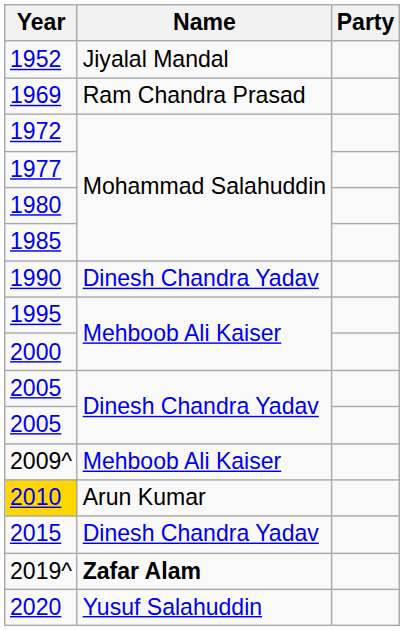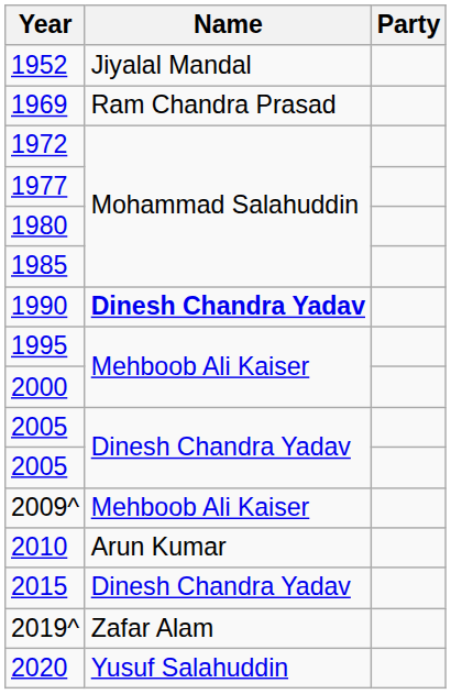 <table class="wikitable sortable">
 <tr>
 <th>Year</th>
 <th>Name</th>
 <th colspan="2">Party</th>
 </tr>
 <tr>
 <td><a href='#'>1952</a></td>
 <td>Jiyalal Mandal</td>
 <td></td>
 </tr>
 <tr>
 <td><a href='#'>1969</a></td>
 <td>Ram Chandra Prasad</td>
 <td></td>
 </tr>
 <tr>
 <td><a href='#'>1972</a></td>
 <td rowspan="4">Mohammad Salahuddin</td>
 <td></td>
 </tr>
 <tr>
 <td><a href='#'>1977</a></td>
 </tr>
 <tr>
 <td><a href='#'>1980</a></td>
 <td></td>
 </tr>
 <tr>
 <td><a href='#'>1985</a></td>
 <td></td>
 </tr>
 <tr>
 <td><a href='#'>1990</a></td>
-<td><a href='#'>Dinesh Chandra Yadav</a></td>
+<td><strong><a href='#'>Dinesh Chandra Yadav</a></strong></td>
 <td></td>
 </tr>
 <tr>
 <td><a href='#'>1995</a></td>
 <td rowspan="2"><a href='#'>Mehboob Ali Kaiser</a></td>
 <td></td>
 </tr>
 <tr>
 <td><a href='#'>2000</a></td>
 </tr>
 <tr>
 <td><a href='#'>2005</a></td>
 <td rowspan="2"><a href='#'>Dinesh Chandra Yadav</a></td>
 <td></td>
 </tr>
 <tr>
 <td><a href='#'>2005</a></td>
 </tr>
 <tr>
 <td>2009^</td>
 <td><a href='#'>Mehboob Ali Kaiser</a></td>
 <td></td>
 </tr>
 <tr>
-<td style="background: gold;"><a href='#'>2010</a></td>
+<td><a href='#'>2010</a></td>
 <td>Arun Kumar</td>
 <td></td>
 </tr>
 <tr>
 <td><a href='#'>2015</a></td>
 <td><a href='#'>Dinesh Chandra Yadav</a></td>
 </tr>
 <tr>
 <td>2019^</td>
-<td><strong>Zafar Alam</strong></td>
+<td>Zafar Alam</td>
 <td></td>
 </tr>
 <tr>
 <td><a href='#'>2020</a></td>
 <td><a href='#'>Yusuf Salahuddin</a></td>
 </tr>
 </table>
